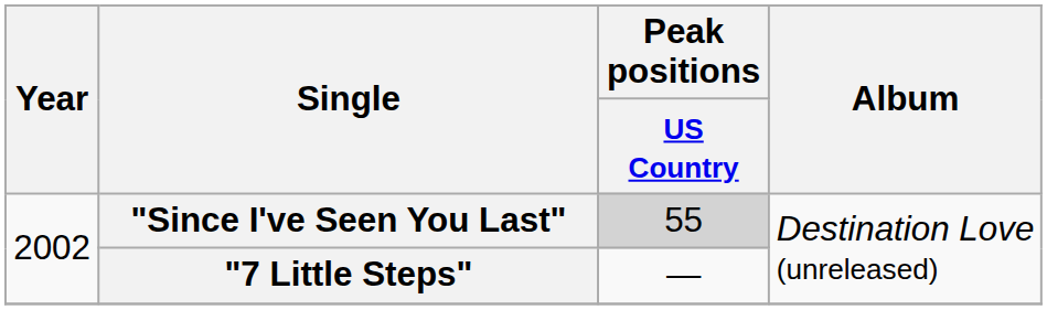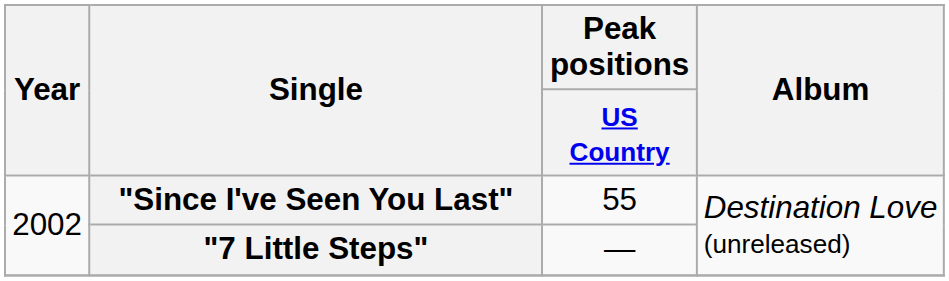 <table class="wikitable plainrowheaders" style="text-align:center;">
 <tr>
 <th rowspan="2">Year</th>
 <th rowspan="2" style="width:14em;">Single</th>
 <th>Peak positions</th>
 <th rowspan="2">Album</th>
 </tr>
 <tr>
 <th width="60"><small><a href='#'>US Country</a></small><br></th>
 </tr>
 <tr>
 <td rowspan="2">2002</td>
 <th scope="row">"Since I've Seen You Last"</th>
-<td style="background: lightgrey;">55</td>
+<td>55</td>
 <td rowspan="2" align="left"><em>Destination Love</em><br><small>(unreleased)</small></td>
 </tr>
 <tr>
 <th scope="row">"7 Little Steps"</th>
 <td>—</td>
 </tr>
 <tr>
 </tr>
 </table>
